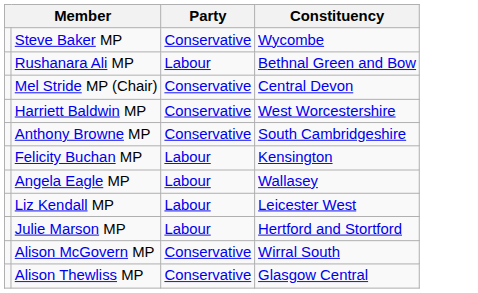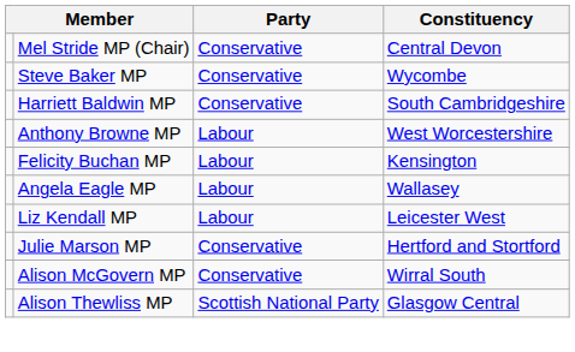 <table class="wikitable">
 <tr>
 <th colspan="2" valign="top">Member</th>
 <th valign="top">Party</th>
 <th valign="top">Constituency</th>
+</tr>
+<tr>
+<td style="color:inherit;background:"></td>
+<td><a href='#'>Mel Stride</a> MP (Chair)</td>
+<td><a href='#'>Conservative</a></td>
+<td><a href='#'>Central Devon</a></td>
 </tr>
 <tr>
 <td style="color:inherit;background:"></td>
 <td><a href='#'>Steve Baker</a> MP</td>
 <td><a href='#'>Conservative</a></td>
 <td><a href='#'>Wycombe</a></td>
 </tr>
 <tr>
 <td style="color:inherit;background:"></td>
-<td><a href='#'>Rushanara Ali</a> MP</td>
-<td><a href='#'>Labour</a></td>
-<td><a href='#'>Bethnal Green and Bow</a></td>
-</tr>
-<tr>
-<td style="color:inherit;background:"></td>
-<td><a href='#'>Mel Stride</a> MP (Chair)</td>
-<td><a href='#'>Conservative</a></td>
-<td><a href='#'>Central Devon</a></td>
-</tr>
-<tr>
-<td style="color:inherit;background:"></td>
 <td><a href='#'>Harriett Baldwin</a> MP</td>
 <td><a href='#'>Conservative</a></td>
-<td><a href='#'>West Worcestershire</a></td>
+<td><a href='#'>South Cambridgeshire</a></td>
 </tr>
 <tr>
 <td style="color:inherit;background:"></td>
 <td><a href='#'>Anthony Browne</a> MP</td>
-<td><a href='#'>Conservative</a></td>
-<td><a href='#'>South Cambridgeshire</a></td>
+<td><a href='#'>Labour</a></td>
+<td><a href='#'>West Worcestershire</a></td>
 </tr>
 <tr>
 <td style="color:inherit;background:"></td>
 <td><a href='#'>Felicity Buchan</a> MP</td>
 <td><a href='#'>Labour</a></td>
 <td><a href='#'>Kensington</a></td>
 </tr>
 <tr>
 <td style="color:inherit;background:"></td>
 <td><a href='#'>Angela Eagle</a> MP</td>
 <td><a href='#'>Labour</a></td>
 <td><a href='#'>Wallasey</a></td>
 </tr>
 <tr>
 <td style="color:inherit;background:"></td>
 <td><a href='#'>Liz Kendall</a> MP</td>
 <td><a href='#'>Labour</a></td>
 <td><a href='#'>Leicester West</a></td>
 </tr>
 <tr>
 <td style="color:inherit;background:"></td>
 <td><a href='#'>Julie Marson</a> MP</td>
-<td><a href='#'>Labour</a></td>
+<td><a href='#'>Conservative</a></td>
 <td><a href='#'>Hertford and Stortford</a></td>
 </tr>
 <tr>
 <td style="color:inherit;background:"></td>
 <td><a href='#'>Alison McGovern</a> MP</td>
 <td><a href='#'>Conservative</a></td>
 <td><a href='#'>Wirral South</a></td>
 </tr>
 <tr>
 <td style="color:inherit;background:"></td>
 <td><a href='#'>Alison Thewliss</a> MP</td>
-<td><a href='#'>Conservative</a></td>
+<td><a href='#'>Scottish National Party</a></td>
 <td><a href='#'>Glasgow Central</a></td>
 </tr>
 </table>
